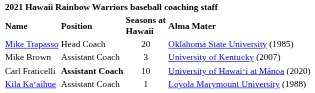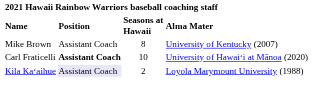 <table class="toccolours" style="text-align: left; font-size:90%;">
 <tr>
 <th colspan="4">2021 Hawaii Rainbow Warriors baseball coaching staff</th>
 </tr>
 <tr>
 <th>Name</th>
 <th>Position</th>
 <th>Seasons at<br>Hawaii</th>
 <th>Alma Mater</th>
 </tr>
 <tr>
-<td><a href='#'>Mike Trapasso</a></td>
-<td>Head Coach</td>
-<td align=center>20</td>
-<td><a href='#'>Oklahoma State University</a> (1985)</td>
-</tr>
-<tr>
 <td>Mike Brown</td>
 <td>Assistant Coach</td>
-<td align=center>3</td>
+<td align=center>8</td>
 <td><a href='#'>University of Kentucky</a> (2007)</td>
 </tr>
 <tr>
 <td>Carl Fraticelli</td>
 <td><strong>Assistant Coach</strong></td>
 <td align=center>10</td>
 <td><a href='#'>University of Hawaiʻi at Mānoa</a> (2020)</td>
 </tr>
 <tr>
 <td><a href='#'>Kila Kaʻaihue</a></td>
-<td>Assistant Coach</td>
-<td align=center>1</td>
+<td style="background: lavender;">Assistant Coach</td>
+<td align=center>2</td>
 <td><a href='#'>Loyola Marymount University</a> (1988)</td>
 </tr>
 </table>
